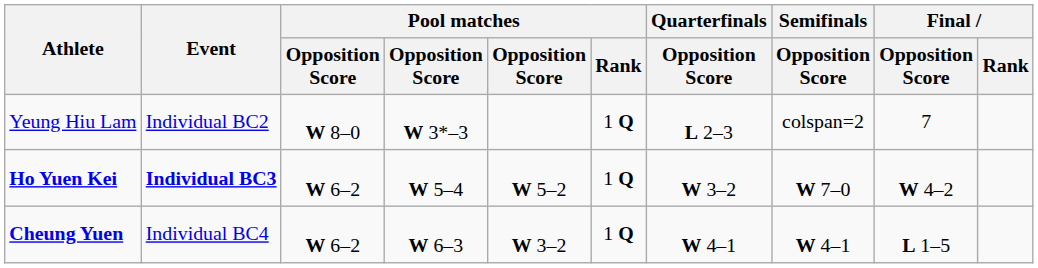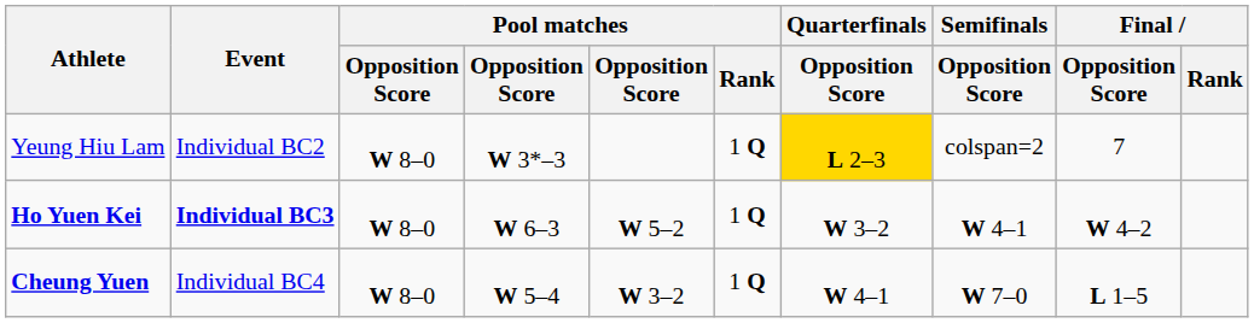 <table class=wikitable style="font-size:90%">
 <tr>
 <th rowspan="2">Athlete</th>
 <th rowspan="2">Event</th>
 <th colspan="4">Pool matches</th>
 <th>Quarterfinals</th>
 <th>Semifinals</th>
 <th colspan=2>Final / </th>
 </tr>
 <tr>
 <th>Opposition<br>Score</th>
 <th>Opposition<br>Score</th>
 <th>Opposition<br>Score</th>
 <th>Rank</th>
 <th>Opposition<br>Score</th>
 <th>Opposition<br>Score</th>
 <th>Opposition<br>Score</th>
 <th>Rank</th>
 </tr>
 <tr style="text-align:center">
 <td style="text-align:left"><a href='#'>Yeung Hiu Lam</a></td>
 <td style="text-align:left"><a href='#'>Individual BC2</a></td>
 <td><br><strong>W</strong> 8–0</td>
 <td><br><strong>W</strong> 3*–3</td>
 <td></td>
 <td>1 <strong>Q</strong></td>
-<td><br><strong>L</strong> 2–3</td>
+<td style="background: gold;"><br><strong>L</strong> 2–3</td>
 <td>colspan=2 </td>
 <td>7</td>
 </tr>
 <tr style="text-align:center">
 <td style="text-align:left"><strong><a href='#'>Ho Yuen Kei</a></strong></td>
 <td style="text-align:left"><strong><a href='#'>Individual BC3</a></strong></td>
-<td><br><strong>W</strong> 6–2</td>
-<td><br><strong>W</strong> 5–4</td>
+<td><br><strong>W</strong> 8–0</td>
+<td><br><strong>W</strong> 6–3</td>
 <td><br><strong>W</strong> 5–2</td>
 <td>1 <strong>Q</strong></td>
 <td><br><strong>W</strong> 3–2</td>
-<td><br><strong>W</strong> 7–0</td>
+<td><br><strong>W</strong> 4–1</td>
 <td><br><strong>W</strong> 4–2</td>
 <td></td>
 </tr>
 <tr style="text-align:center">
 <td style="text-align:left"><strong><a href='#'>Cheung Yuen</a></strong></td>
 <td style="text-align:left"><a href='#'>Individual BC4</a></td>
-<td><br><strong>W</strong> 6–2</td>
-<td><br><strong>W</strong> 6–3</td>
+<td><br><strong>W</strong> 8–0</td>
+<td><br><strong>W</strong> 5–4</td>
 <td><br><strong>W</strong> 3–2</td>
 <td>1 <strong>Q</strong></td>
 <td><br><strong>W</strong> 4–1</td>
-<td><br><strong>W</strong> 4–1</td>
+<td><br><strong>W</strong> 7–0</td>
 <td><br><strong>L</strong> 1–5</td>
 <td></td>
 </tr>
 </table>
